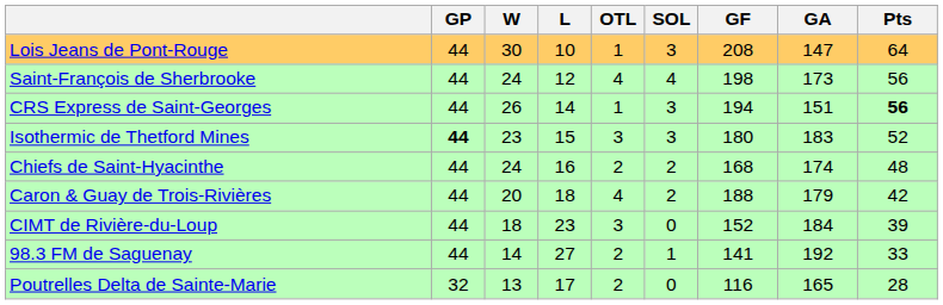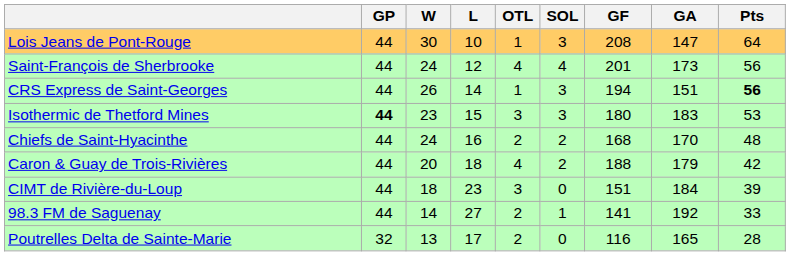 <table class="wikitable">
 <tr>
 <th width="40%" bgcolor="#e0e0e0"></th>
 <th width="5%" bgcolor="#e0e0e0">GP</th>
 <th width="5%" bgcolor="#e0e0e0">W</th>
 <th width="5%" bgcolor="#e0e0e0">L</th>
 <th width="5%" bgcolor="#e0e0e0">OTL</th>
 <th width="5%" bgcolor="#e0e0e0">SOL</th>
 <th width="7.5%" bgcolor="#e0e0e0">GF</th>
 <th width="7.5%" bgcolor="#e0e0e0">GA</th>
 <th width="7.5%" bgcolor="#e0e0e0">Pts</th>
 </tr>
 <tr align="center" bgcolor="#FFCC66">
 <td align="left"><a href='#'>Lois Jeans de Pont-Rouge</a></td>
 <td>44</td>
 <td>30</td>
 <td>10</td>
 <td>1</td>
 <td>3</td>
 <td>208</td>
 <td>147</td>
 <td>64</td>
 </tr>
 <tr align="center" bgcolor="#bbffbb">
 <td align="left"><a href='#'>Saint-François de Sherbrooke</a></td>
 <td>44</td>
 <td>24</td>
 <td>12</td>
 <td>4</td>
 <td>4</td>
-<td>198</td>
+<td>201</td>
 <td>173</td>
 <td>56</td>
 </tr>
 <tr align="center" bgcolor="#bbffbb">
 <td align="left"><a href='#'>CRS Express de Saint-Georges</a></td>
 <td>44</td>
 <td>26</td>
 <td>14</td>
 <td>1</td>
 <td>3</td>
 <td>194</td>
 <td>151</td>
 <td><strong>56</strong></td>
 </tr>
 <tr align="center" bgcolor="#bbffbb">
 <td align="left"><a href='#'>Isothermic de Thetford Mines</a></td>
 <td><strong>44</strong></td>
 <td>23</td>
 <td>15</td>
 <td>3</td>
 <td>3</td>
 <td>180</td>
 <td>183</td>
-<td>52</td>
+<td>53</td>
 </tr>
 <tr align="center" bgcolor="#bbffbb">
 <td align="left"><a href='#'>Chiefs de Saint-Hyacinthe</a></td>
 <td>44</td>
 <td>24</td>
 <td>16</td>
 <td>2</td>
 <td>2</td>
 <td>168</td>
-<td>174</td>
+<td>170</td>
 <td>48</td>
 </tr>
 <tr align="center" bgcolor="#bbffbb">
 <td align="left"><a href='#'>Caron & Guay de Trois-Rivières</a></td>
 <td>44</td>
 <td>20</td>
 <td>18</td>
 <td>4</td>
 <td>2</td>
 <td>188</td>
 <td>179</td>
 <td>42</td>
 </tr>
 <tr align="center" bgcolor="#bbffbb">
 <td align="left"><a href='#'>CIMT de Rivière-du-Loup</a></td>
 <td>44</td>
 <td>18</td>
 <td>23</td>
 <td>3</td>
 <td>0</td>
-<td>152</td>
+<td>151</td>
 <td>184</td>
 <td>39</td>
 </tr>
 <tr align="center" bgcolor="#bbffbb">
 <td align="left"><a href='#'>98.3 FM de Saguenay</a></td>
 <td>44</td>
 <td>14</td>
 <td>27</td>
 <td>2</td>
 <td>1</td>
 <td>141</td>
 <td>192</td>
 <td>33</td>
 </tr>
 <tr align="center" bgcolor="#bbffbb">
 <td align="left"><a href='#'>Poutrelles Delta de Sainte-Marie</a></td>
 <td>32</td>
 <td>13</td>
 <td>17</td>
 <td>2</td>
 <td>0</td>
 <td>116</td>
 <td>165</td>
 <td>28</td>
 </tr>
 </table>
